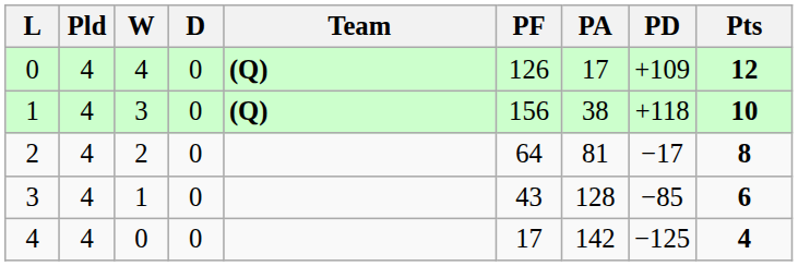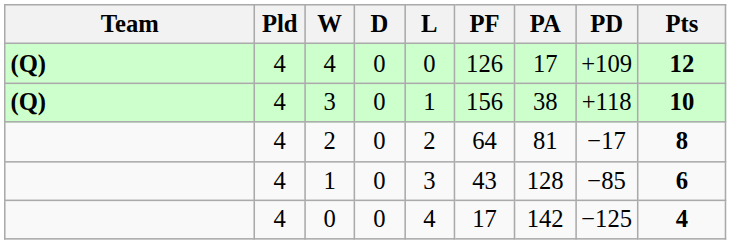 <table class="wikitable" style="text-align:center;">
 <tr>
-<th width="25">L</th>
+<th width="155">Team</th>
 <th width="25">Pld</th>
 <th width="25">W</th>
 <th width="25">D</th>
-<th width="155">Team</th>
+<th width="25">L</th>
 <th width="32">PF</th>
 <th width="32">PA</th>
 <th width="32">PD</th>
 <th width="50">Pts</th>
 </tr>
 <tr style="background:#ccffcc">
-<td>0</td>
+<td align="left"> <strong>(Q)</strong></td>
 <td>4</td>
 <td>4</td>
 <td>0</td>
-<td align="left"> <strong>(Q)</strong></td>
+<td>0</td>
 <td>126</td>
 <td>17</td>
 <td>+109</td>
 <td><strong>12</strong></td>
 </tr>
 <tr style="background:#ccffcc">
-<td>1</td>
+<td align="left"> <strong>(Q)</strong></td>
 <td>4</td>
 <td>3</td>
 <td>0</td>
-<td align="left"> <strong>(Q)</strong></td>
+<td>1</td>
 <td>156</td>
 <td>38</td>
 <td>+118</td>
 <td><strong>10</strong></td>
 </tr>
 <tr>
-<td>2</td>
+<td align="left"></td>
 <td>4</td>
 <td>2</td>
 <td>0</td>
-<td align="left"></td>
+<td>2</td>
 <td>64</td>
 <td>81</td>
 <td>−17</td>
 <td><strong>8</strong></td>
 </tr>
 <tr>
-<td>3</td>
+<td align="left"></td>
 <td>4</td>
 <td>1</td>
 <td>0</td>
-<td align="left"></td>
+<td>3</td>
 <td>43</td>
 <td>128</td>
 <td>−85</td>
 <td><strong>6</strong></td>
 </tr>
 <tr>
-<td>4</td>
+<td align="left"></td>
 <td>4</td>
 <td>0</td>
 <td>0</td>
-<td align="left"></td>
+<td>4</td>
 <td>17</td>
 <td>142</td>
 <td>−125</td>
 <td><strong>4</strong></td>
 </tr>
 </table>
